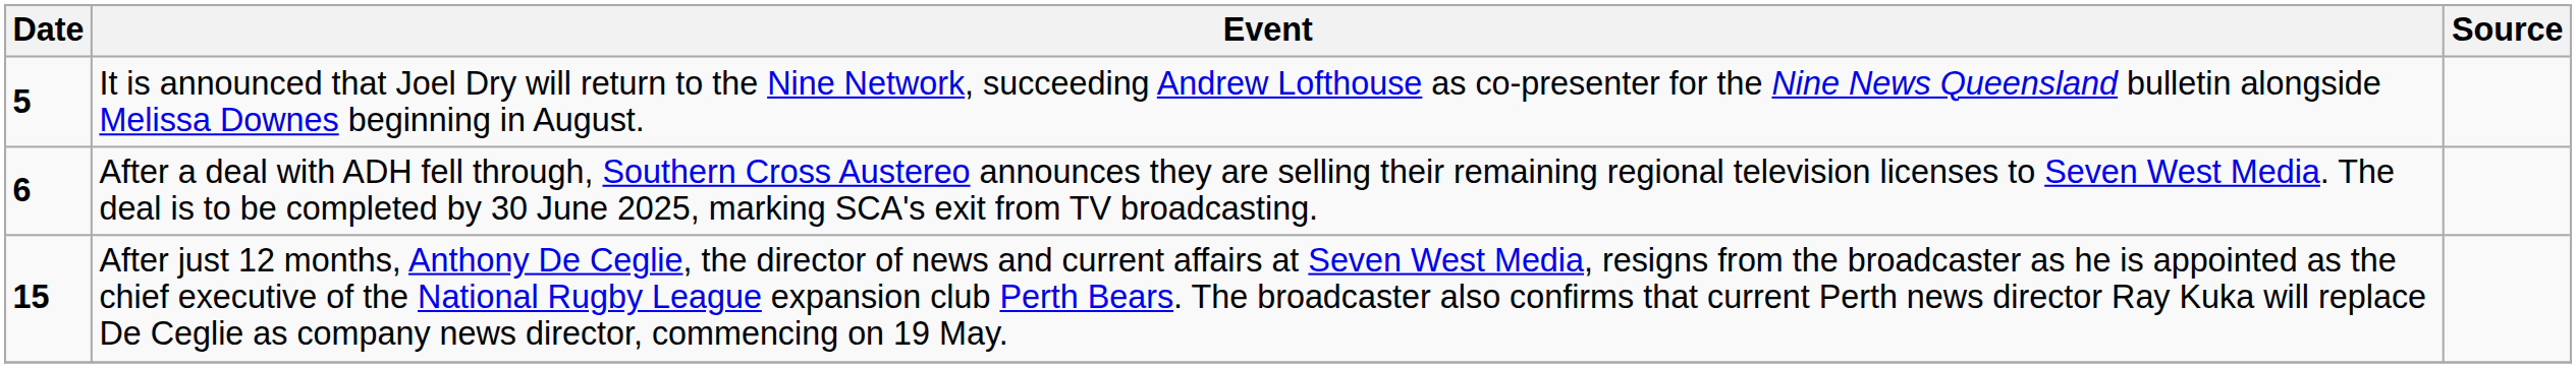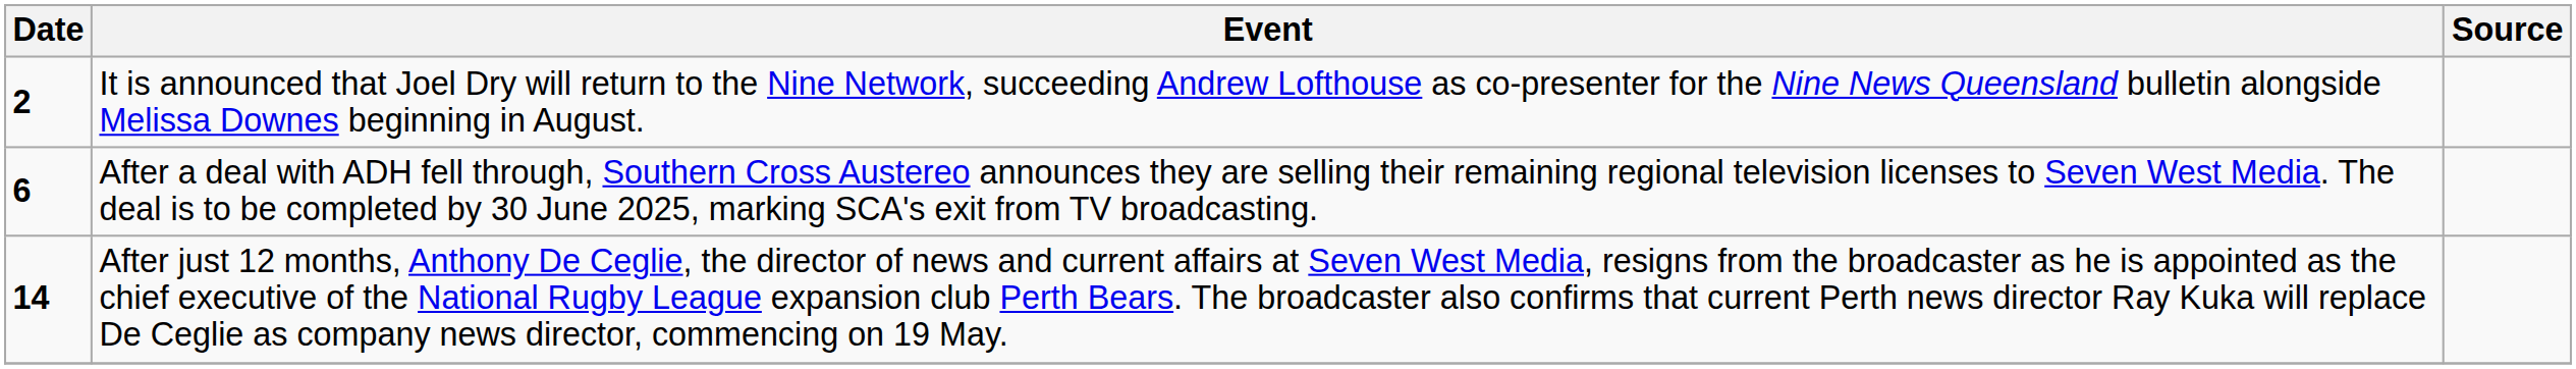 <table class="wikitable">
 <tr>
 <th>Date</th>
 <th>Event</th>
 <th>Source</th>
 </tr>
 <tr>
-<td><strong>5</strong></td>
+<td><strong>2</strong></td>
 <td>It is announced that Joel Dry will return to the <a href='#'>Nine Network</a>, succeeding <a href='#'>Andrew Lofthouse</a> as co-presenter for the <em><a href='#'>Nine News Queensland</a></em> bulletin alongside <a href='#'>Melissa Downes</a> beginning in August.</td>
 <td></td>
 </tr>
 <tr>
 <td><strong>6</strong></td>
 <td>After a deal with ADH fell through, <a href='#'>Southern Cross Austereo</a> announces they are selling their remaining regional television licenses to <a href='#'>Seven West Media</a>. The deal is to be completed by 30 June 2025, marking SCA's exit from TV broadcasting.</td>
 <td></td>
 </tr>
 <tr>
-<td><strong>15</strong></td>
+<td><strong>14</strong></td>
 <td>After just 12 months, <a href='#'>Anthony De Ceglie</a>, the director of news and current affairs at <a href='#'>Seven West Media</a>, resigns from the broadcaster as he is appointed as the chief executive of the <a href='#'>National Rugby League</a> expansion club <a href='#'>Perth Bears</a>. The broadcaster also confirms that current Perth news director Ray Kuka will replace De Ceglie as company news director, commencing on 19 May.</td>
 <td></td>
 </tr>
 <tr>
 </tr>
 </table>
